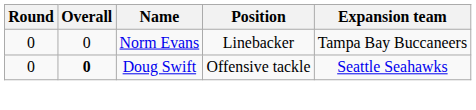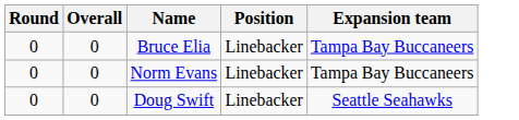 <table class="wikitable" style="text-align:center">
 <tr>
 <th>Round</th>
 <th>Overall</th>
 <th>Name</th>
 <th>Position</th>
 <th>Expansion team</th>
 </tr>
 <tr>
 <td>0</td>
 <td>0</td>
+<td><a href='#'>Bruce Elia</a></td>
+<td>Linebacker</td>
+<td><a href='#'>Tampa Bay Buccaneers</a></td>
+</tr>
+<tr>
+<td>0</td>
+<td>0</td>
 <td><a href='#'>Norm Evans</a></td>
 <td>Linebacker</td>
 <td>Tampa Bay Buccaneers</td>
 </tr>
 <tr>
 <td>0</td>
-<td><strong>0</strong></td>
+<td>0</td>
 <td><a href='#'>Doug Swift</a></td>
-<td>Offensive tackle</td>
+<td>Linebacker</td>
 <td><a href='#'>Seattle Seahawks</a></td>
 </tr>
 </table>
